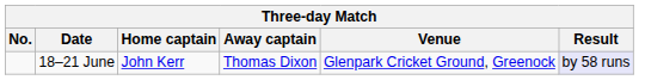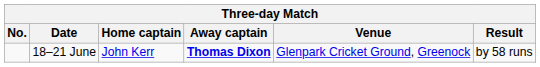 <table class="wikitable">
 <tr>
 <th colspan="9">Three-day Match</th>
 </tr>
 <tr>
 <th>No.</th>
 <th>Date</th>
 <th>Home captain</th>
 <th>Away captain</th>
 <th>Venue</th>
 <th>Result</th>
 </tr>
 <tr>
 <td></td>
 <td>18–21 June</td>
 <td><a href='#'>John Kerr</a></td>
-<td><a href='#'>Thomas Dixon</a></td>
+<td><strong><a href='#'>Thomas Dixon</a></strong></td>
 <td><a href='#'>Glenpark Cricket Ground</a>, <a href='#'>Greenock</a></td>
-<td style="background: lavender;"> by 58 runs</td>
+<td> by 58 runs</td>
 </tr>
 </table>
